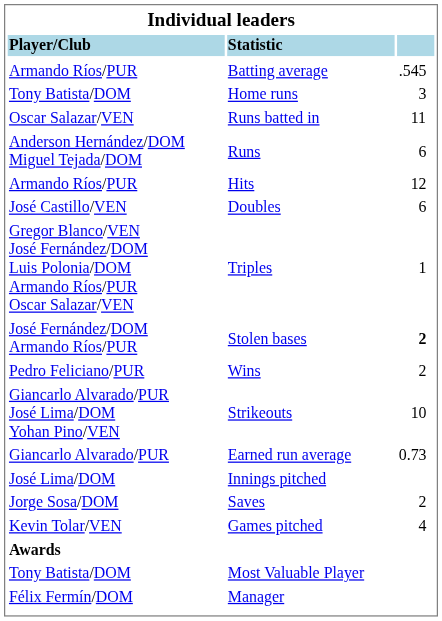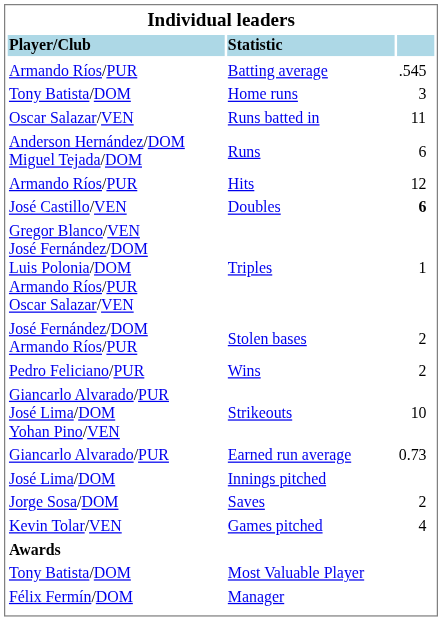 <table cellpadding="1" width="350px" style="font-size: 80%; border: 1px solid gray;">
 <tr align="center" style="font-size: larger;">
 <td colspan=6><strong>Individual leaders</strong></td>
 </tr>
 <tr style="background:lightblue;">
 <td><strong>Player/Club</strong></td>
 <td><strong>Statistic</strong></td>
 <td></td>
 </tr>
 <tr align="center" style="vertical-align: middle;" style="background:lightblue;">
 </tr>
 <tr>
 <td><a href='#'>Armando Ríos</a>/<a href='#'>PUR</a></td>
 <td><a href='#'>Batting average</a></td>
 <td>.545</td>
 </tr>
 <tr>
 <td><a href='#'>Tony Batista</a>/<a href='#'>DOM</a></td>
 <td><a href='#'>Home runs</a></td>
 <td>     3</td>
 </tr>
 <tr>
 <td><a href='#'>Oscar Salazar</a>/<a href='#'>VEN</a></td>
 <td><a href='#'>Runs batted in</a></td>
 <td>   11</td>
 </tr>
 <tr>
 <td><a href='#'>Anderson Hernández</a>/<a href='#'>DOM</a>  <br> <a href='#'>Miguel Tejada</a>/<a href='#'>DOM</a></td>
 <td><a href='#'>Runs</a></td>
 <td>     6</td>
 </tr>
 <tr>
 <td><a href='#'>Armando Ríos</a>/<a href='#'>PUR</a></td>
 <td><a href='#'>Hits</a></td>
 <td>   12</td>
 </tr>
 <tr>
 <td><a href='#'>José Castillo</a>/<a href='#'>VEN</a></td>
 <td><a href='#'>Doubles</a></td>
-<td>     6</td>
+<td><strong>     6</strong></td>
 </tr>
 <tr>
 <td><a href='#'>Gregor Blanco</a>/<a href='#'>VEN</a> <br> <a href='#'>José Fernández</a>/<a href='#'>DOM</a> <br> <a href='#'>Luis Polonia</a>/<a href='#'>DOM</a> <br> <a href='#'>Armando Ríos</a>/<a href='#'>PUR</a> <br> <a href='#'>Oscar Salazar</a>/<a href='#'>VEN</a></td>
 <td><a href='#'>Triples</a></td>
 <td>     1</td>
 </tr>
 <tr>
 <td><a href='#'>José Fernández</a>/<a href='#'>DOM</a> <br> <a href='#'>Armando Ríos</a>/<a href='#'>PUR</a></td>
 <td><a href='#'>Stolen bases</a></td>
-<td><strong>     2</strong></td>
+<td>     2</td>
 </tr>
 <tr>
 <td><a href='#'>Pedro Feliciano</a>/<a href='#'>PUR</a></td>
 <td><a href='#'>Wins</a></td>
 <td>     2</td>
 </tr>
 <tr>
 <td><a href='#'>Giancarlo Alvarado</a>/<a href='#'>PUR</a> <br> <a href='#'>José Lima</a>/<a href='#'>DOM</a> <br> <a href='#'>Yohan Pino</a>/<a href='#'>VEN</a></td>
 <td><a href='#'>Strikeouts</a></td>
 <td>   10</td>
 </tr>
 <tr>
 <td><a href='#'>Giancarlo Alvarado</a>/<a href='#'>PUR</a></td>
 <td><a href='#'>Earned run average</a></td>
 <td>0.73</td>
 </tr>
 <tr>
 <td><a href='#'>José Lima</a>/<a href='#'>DOM</a></td>
 <td><a href='#'>Innings pitched</a></td>
 <td></td>
 </tr>
 <tr>
 <td><a href='#'>Jorge Sosa</a>/<a href='#'>DOM</a></td>
 <td><a href='#'>Saves</a></td>
 <td>     2</td>
 </tr>
 <tr>
 <td><a href='#'>Kevin Tolar</a>/<a href='#'>VEN</a></td>
 <td><a href='#'>Games pitched</a></td>
 <td>     4</td>
 </tr>
 <tr>
 <td><strong>Awards</strong></td>
 </tr>
 <tr>
 <td><a href='#'>Tony Batista</a>/<a href='#'>DOM</a></td>
 <td><a href='#'>Most Valuable Player</a></td>
 </tr>
 <tr>
 <td><a href='#'>Félix Fermín</a>/<a href='#'>DOM</a></td>
 <td><a href='#'>Manager</a></td>
 </tr>
 <tr>
 </tr>
 <tr>
 </tr>
 </table>
